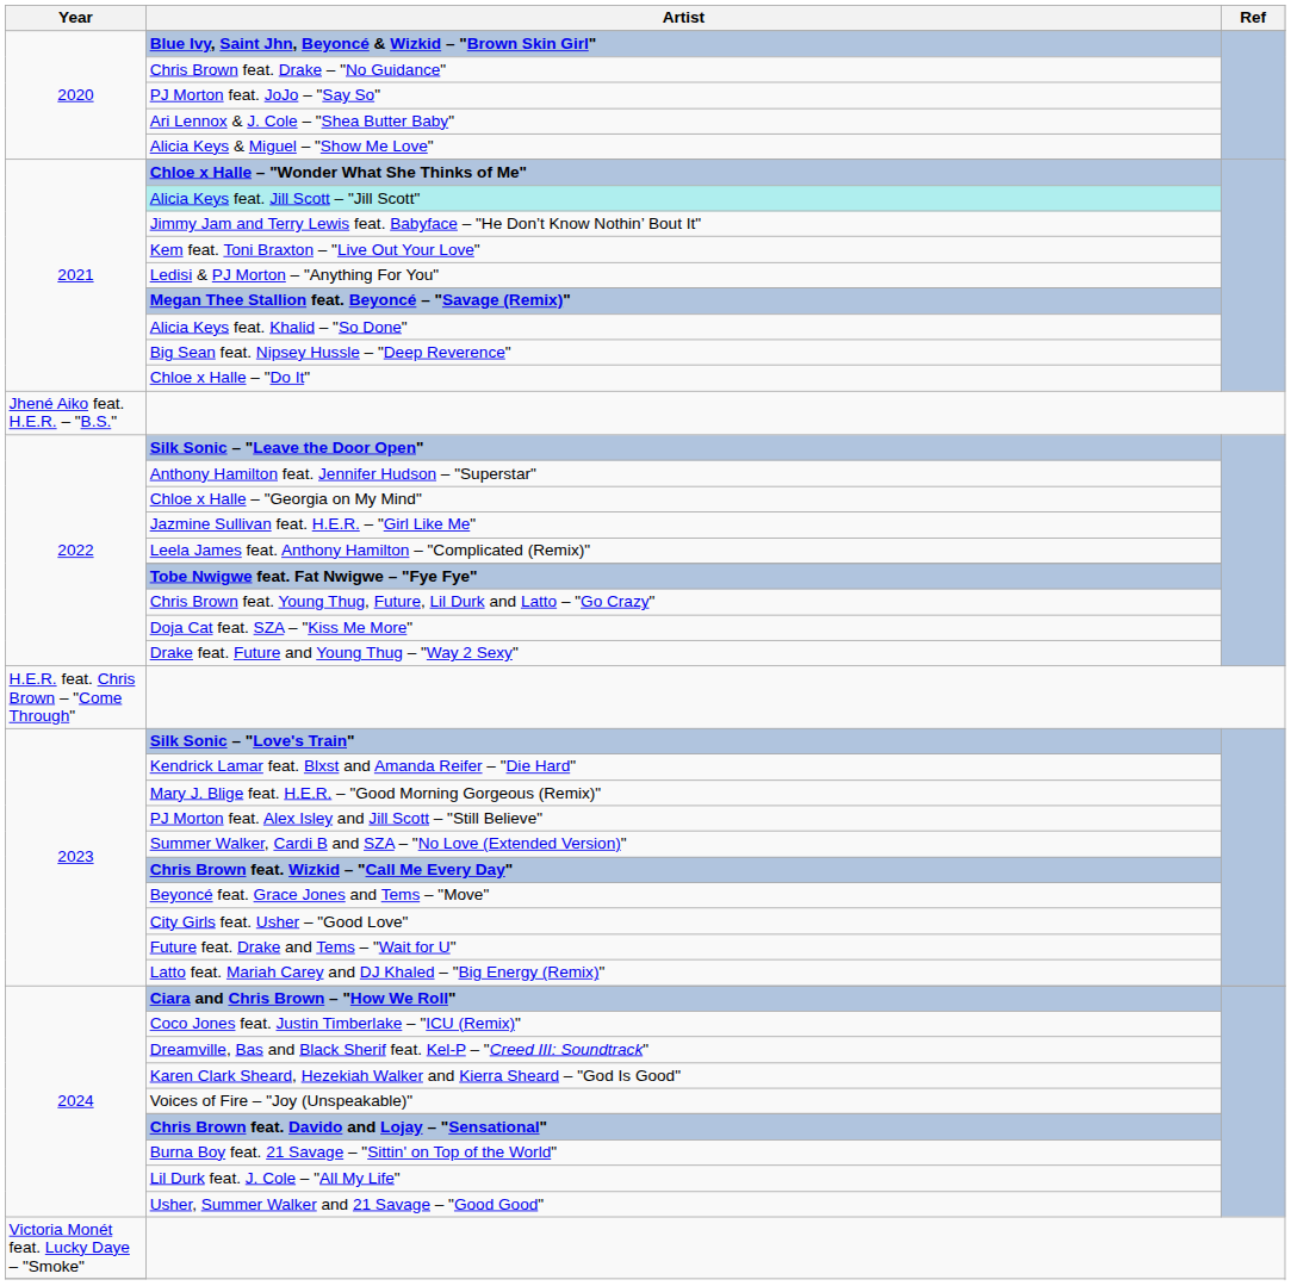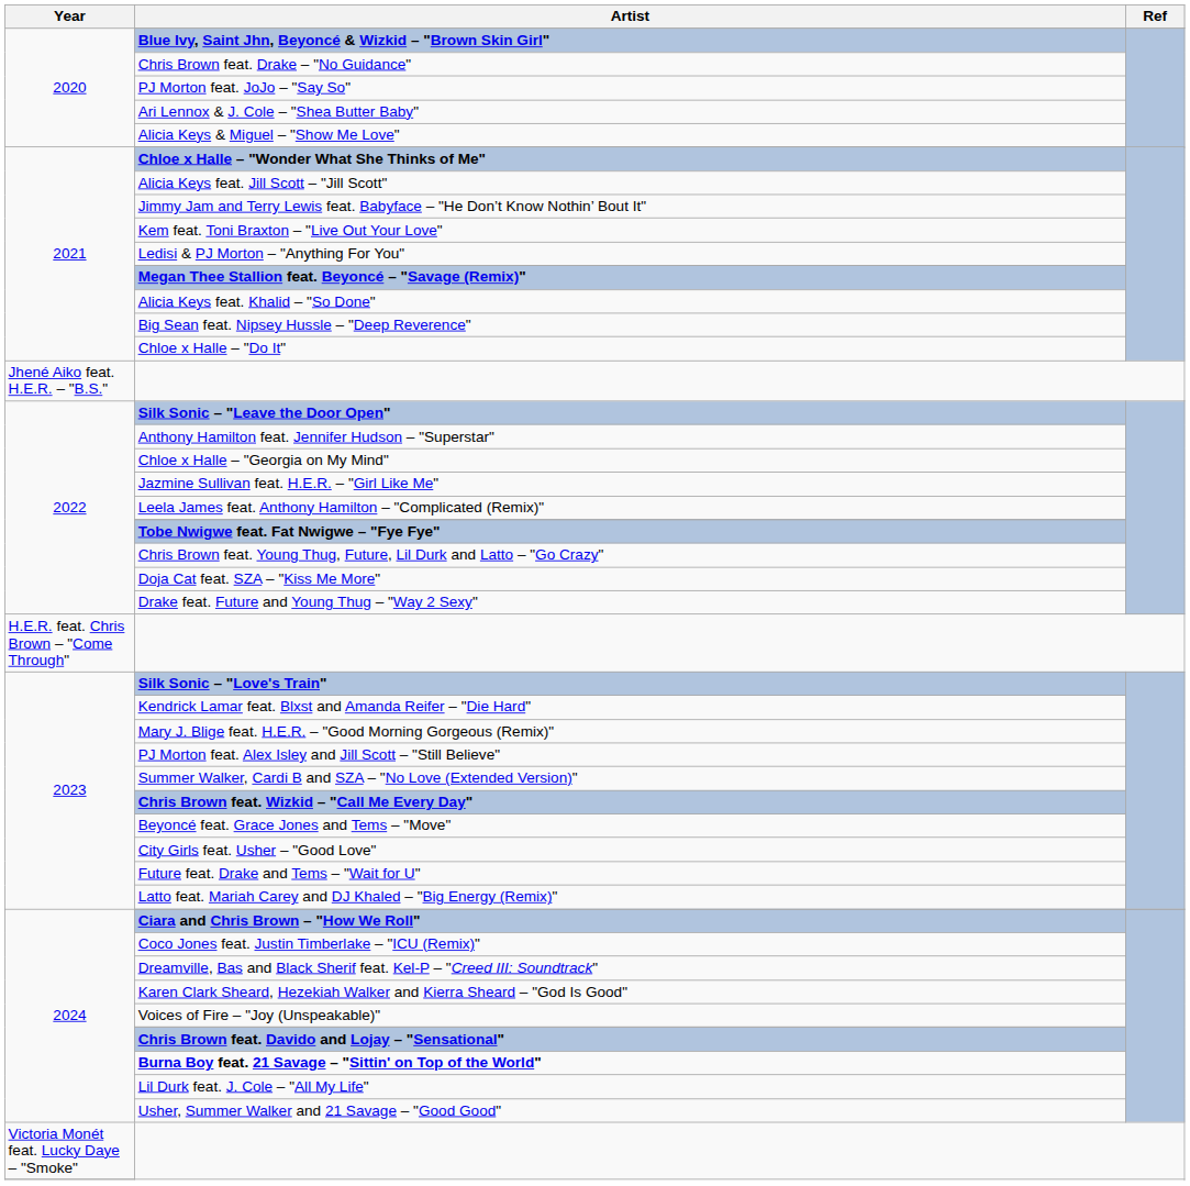 <table class="wikitable" style="width:100%;">
 <tr style="background:#bebebe;">
 <th style="width:11%;">Year</th>
 <th style="width:84%;">Artist</th>
 <th style="width:5%;">Ref</th>
 </tr>
 <tr>
 <td rowspan="6" align="center"><a href='#'>2020</a></td>
 </tr>
 <tr style="background:#B0C4DE">
 <td><strong><a href='#'>Blue Ivy</a>, <a href='#'>Saint Jhn</a>, <a href='#'>Beyoncé</a> & <a href='#'>Wizkid</a> – "<a href='#'>Brown Skin Girl</a>"</strong></td>
 <td rowspan="6" align="center"></td>
 </tr>
 <tr>
 <td><a href='#'>Chris Brown</a> feat. <a href='#'>Drake</a> – "<a href='#'>No Guidance</a>"</td>
 </tr>
 <tr>
 <td><a href='#'>PJ Morton</a> feat. <a href='#'>JoJo</a> – "<a href='#'>Say So</a>"</td>
 </tr>
 <tr>
 <td><a href='#'>Ari Lennox</a> & <a href='#'>J. Cole</a> – "<a href='#'>Shea Butter Baby</a>"</td>
 </tr>
 <tr>
 <td><a href='#'>Alicia Keys</a> & <a href='#'>Miguel</a> – "<a href='#'>Show Me Love</a>"</td>
 </tr>
 <tr>
 <td rowspan="11" align="center"><a href='#'>2021</a></td>
 </tr>
 <tr style="background:#B0C4DE">
 <td><strong><a href='#'>Chloe x Halle</a> – "Wonder What She Thinks of Me"</strong></td>
 <td rowspan="10" align="center"></td>
 </tr>
 <tr>
-<td style="background: paleturquoise;"><a href='#'>Alicia Keys</a> feat. <a href='#'>Jill Scott</a> – "Jill Scott"</td>
+<td><a href='#'>Alicia Keys</a> feat. <a href='#'>Jill Scott</a> – "Jill Scott"</td>
 </tr>
 <tr>
 <td><a href='#'>Jimmy Jam and Terry Lewis</a> feat. <a href='#'>Babyface</a> – "He Don’t Know Nothin’ Bout It"</td>
 </tr>
 <tr>
 <td><a href='#'>Kem</a> feat. <a href='#'>Toni Braxton</a> – "<a href='#'>Live Out Your Love</a>"</td>
 </tr>
 <tr>
 <td><a href='#'>Ledisi</a> & <a href='#'>PJ Morton</a> – "Anything For You"</td>
 </tr>
 <tr>
 </tr>
 <tr style="background:#B0C4DE">
 <td><strong><a href='#'>Megan Thee Stallion</a> feat. <a href='#'>Beyoncé</a> – "<a href='#'>Savage (Remix)</a>"</strong></td>
 </tr>
 <tr>
 <td><a href='#'>Alicia Keys</a> feat. <a href='#'>Khalid</a> – "<a href='#'>So Done</a>"</td>
 </tr>
 <tr>
 <td><a href='#'>Big Sean</a> feat. <a href='#'>Nipsey Hussle</a> – "<a href='#'>Deep Reverence</a>"</td>
 </tr>
 <tr>
 <td><a href='#'>Chloe x Halle</a> – "<a href='#'>Do It</a>"</td>
 </tr>
 <tr>
 <td><a href='#'>Jhené Aiko</a> feat. <a href='#'>H.E.R.</a> – "<a href='#'>B.S.</a>"</td>
 </tr>
 <tr>
 <td rowspan="11" align="center"><a href='#'>2022</a></td>
 </tr>
 <tr style="background:#B0C4DE">
 <td><strong><a href='#'>Silk Sonic</a> – "<a href='#'>Leave the Door Open</a>"</strong></td>
 <td rowspan="10" align="center"></td>
 </tr>
 <tr>
 <td><a href='#'>Anthony Hamilton</a> feat. <a href='#'>Jennifer Hudson</a> – "Superstar"</td>
 </tr>
 <tr>
 <td><a href='#'>Chloe x Halle</a> – "Georgia on My Mind"</td>
 </tr>
 <tr>
 <td><a href='#'>Jazmine Sullivan</a> feat. <a href='#'>H.E.R.</a> – "<a href='#'>Girl Like Me</a>"</td>
 </tr>
 <tr>
 <td><a href='#'>Leela James</a> feat. <a href='#'>Anthony Hamilton</a> – "Complicated (Remix)"</td>
 </tr>
 <tr>
 </tr>
 <tr style="background:#B0C4DE">
 <td><strong><a href='#'>Tobe Nwigwe</a> feat. Fat Nwigwe – "Fye Fye"</strong></td>
 </tr>
 <tr>
 <td><a href='#'>Chris Brown</a> feat. <a href='#'>Young Thug</a>, <a href='#'>Future</a>, <a href='#'>Lil Durk</a> and <a href='#'>Latto</a> – "<a href='#'>Go Crazy</a>"</td>
 </tr>
 <tr>
 <td><a href='#'>Doja Cat</a> feat. <a href='#'>SZA</a> – "<a href='#'>Kiss Me More</a>"</td>
 </tr>
 <tr>
 <td><a href='#'>Drake</a> feat. <a href='#'>Future</a> and <a href='#'>Young Thug</a> – "<a href='#'>Way 2 Sexy</a>"</td>
 </tr>
 <tr>
 <td><a href='#'>H.E.R.</a> feat. <a href='#'>Chris Brown</a> – "<a href='#'>Come Through</a>"</td>
 </tr>
 <tr>
 <td rowspan="11" align="center"><a href='#'>2023</a></td>
 </tr>
 <tr style="background:#B0C4DE">
 <td><strong><a href='#'>Silk Sonic</a> – "<a href='#'>Love's Train</a>"</strong></td>
 <td rowspan="10" align="center"></td>
 </tr>
 <tr>
 <td><a href='#'>Kendrick Lamar</a> feat. <a href='#'>Blxst</a> and <a href='#'>Amanda Reifer</a> – "<a href='#'>Die Hard</a>"</td>
 </tr>
 <tr>
 <td><a href='#'>Mary J. Blige</a> feat. <a href='#'>H.E.R.</a> – "Good Morning Gorgeous (Remix)"</td>
 </tr>
 <tr>
 <td><a href='#'>PJ Morton</a> feat. <a href='#'>Alex Isley</a> and <a href='#'>Jill Scott</a> – "Still Believe"</td>
 </tr>
 <tr>
 <td><a href='#'>Summer Walker</a>, <a href='#'>Cardi B</a> and <a href='#'>SZA</a> – "<a href='#'>No Love (Extended Version)</a>"</td>
 </tr>
 <tr style="background:#B0C4DE">
 <td><strong><a href='#'>Chris Brown</a> feat. <a href='#'>Wizkid</a> – "<a href='#'>Call Me Every Day</a>"</strong></td>
 </tr>
 <tr>
 <td><a href='#'>Beyoncé</a> feat. <a href='#'>Grace Jones</a> and <a href='#'>Tems</a> – "Move"</td>
 </tr>
 <tr>
 <td><a href='#'>City Girls</a> feat. <a href='#'>Usher</a> – "Good Love"</td>
 </tr>
 <tr>
 <td><a href='#'>Future</a> feat. <a href='#'>Drake</a> and <a href='#'>Tems</a> – "<a href='#'>Wait for U</a>"</td>
 </tr>
 <tr>
 <td><a href='#'>Latto</a> feat. <a href='#'>Mariah Carey</a> and <a href='#'>DJ Khaled</a> – "<a href='#'>Big Energy (Remix)</a>"</td>
 </tr>
 <tr>
 <td rowspan="11" align="center"><a href='#'>2024</a></td>
 </tr>
 <tr style="background:#B0C4DE">
 <td><strong><a href='#'>Ciara</a> and <a href='#'>Chris Brown</a> – "<a href='#'>How We Roll</a>"</strong></td>
 <td rowspan="10" align="center"></td>
 </tr>
 <tr>
 <td><a href='#'>Coco Jones</a> feat. <a href='#'>Justin Timberlake</a> – "<a href='#'>ICU (Remix)</a>"</td>
 </tr>
 <tr>
 <td><a href='#'>Dreamville</a>, <a href='#'>Bas</a> and <a href='#'>Black Sherif</a> feat. <a href='#'>Kel-P</a> – "<a href='#'><em>Creed III: Soundtrack</em></a>"</td>
 </tr>
 <tr>
 <td><a href='#'>Karen Clark Sheard</a>, <a href='#'>Hezekiah Walker</a> and <a href='#'>Kierra Sheard</a> – "God Is Good"</td>
 </tr>
 <tr>
 <td>Voices of Fire – "Joy (Unspeakable)"</td>
 </tr>
 <tr>
 </tr>
 <tr style="background:#B0C4DE">
 <td><strong><a href='#'>Chris Brown</a> feat. <a href='#'>Davido</a> and <a href='#'>Lojay</a> – "<a href='#'>Sensational</a>"</strong></td>
 </tr>
 <tr>
-<td><a href='#'>Burna Boy</a> feat. <a href='#'>21 Savage</a> – "<a href='#'>Sittin' on Top of the World</a>"</td>
+<td><strong><a href='#'>Burna Boy</a> feat. <a href='#'>21 Savage</a> – "<a href='#'>Sittin' on Top of the World</a>"</strong></td>
 </tr>
 <tr>
 <td><a href='#'>Lil Durk</a> feat. <a href='#'>J. Cole</a> – "<a href='#'>All My Life</a>"</td>
 </tr>
 <tr>
 <td><a href='#'>Usher</a>, <a href='#'>Summer Walker</a> and <a href='#'>21 Savage</a> – "<a href='#'>Good Good</a>"</td>
 </tr>
 <tr>
 <td><a href='#'>Victoria Monét</a> feat. <a href='#'>Lucky Daye</a> – "Smoke"</td>
 </tr>
 <tr>
 </tr>
 </table>
